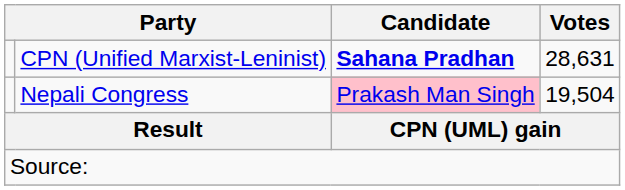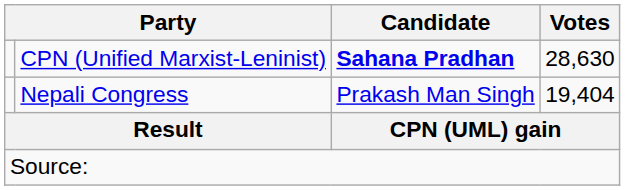 <table class="wikitable">
 <tr>
 <th colspan="2">Party</th>
 <th>Candidate</th>
 <th>Votes</th>
 </tr>
 <tr>
 <td style="background-color:"></td>
 <td><a href='#'>CPN (Unified Marxist-Leninist)</a></td>
 <td><strong><a href='#'>Sahana Pradhan</a></strong></td>
-<td>28,631</td>
+<td>28,630</td>
 </tr>
 <tr>
 <td style="background-color:"></td>
 <td><a href='#'>Nepali Congress</a></td>
-<td style="background: pink;"><a href='#'>Prakash Man Singh</a></td>
-<td>19,504</td>
+<td><a href='#'>Prakash Man Singh</a></td>
+<td>19,404</td>
 </tr>
 <tr>
 <th colspan="2">Result</th>
 <th colspan="2">CPN (UML) gain</th>
 </tr>
 <tr>
 <td colspan="4">Source: </td>
 </tr>
 </table>
